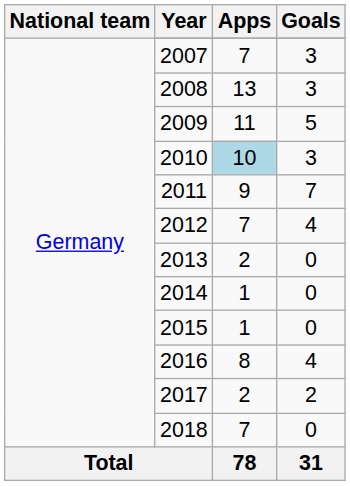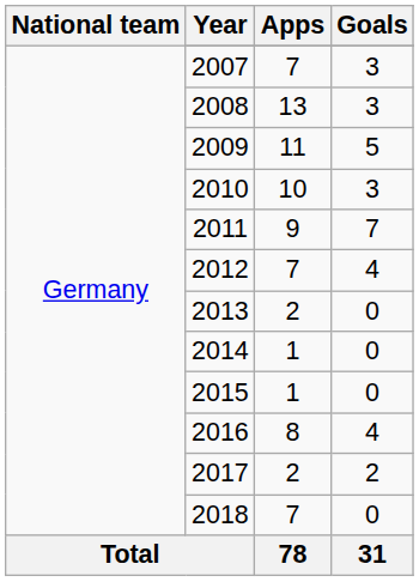 <table class="wikitable" style="text-align:center">
 <tr>
 <th>National team</th>
 <th>Year</th>
 <th>Apps</th>
 <th>Goals</th>
 </tr>
 <tr>
 <td rowspan="13"><a href='#'>Germany</a></td>
 </tr>
 <tr>
 <td>2007</td>
 <td>7</td>
 <td>3</td>
 </tr>
 <tr>
 <td>2008</td>
 <td>13</td>
 <td>3</td>
 </tr>
 <tr>
 <td>2009</td>
 <td>11</td>
 <td>5</td>
 </tr>
 <tr>
 <td>2010</td>
-<td style="background: lightblue;">10</td>
+<td>10</td>
 <td>3</td>
 </tr>
 <tr>
 <td>2011</td>
 <td>9</td>
 <td>7</td>
 </tr>
 <tr>
 <td>2012</td>
 <td>7</td>
 <td>4</td>
 </tr>
 <tr>
 <td>2013</td>
 <td>2</td>
 <td>0</td>
 </tr>
 <tr>
 <td>2014</td>
 <td>1</td>
 <td>0</td>
 </tr>
 <tr>
 <td>2015</td>
 <td>1</td>
 <td>0</td>
 </tr>
 <tr>
 <td>2016</td>
 <td>8</td>
 <td>4</td>
 </tr>
 <tr>
 <td>2017</td>
 <td>2</td>
 <td>2</td>
 </tr>
 <tr>
 <td>2018</td>
 <td>7</td>
 <td>0</td>
 </tr>
 <tr>
 <th colspan="2">Total</th>
 <th>78</th>
 <th>31</th>
 </tr>
 </table>
